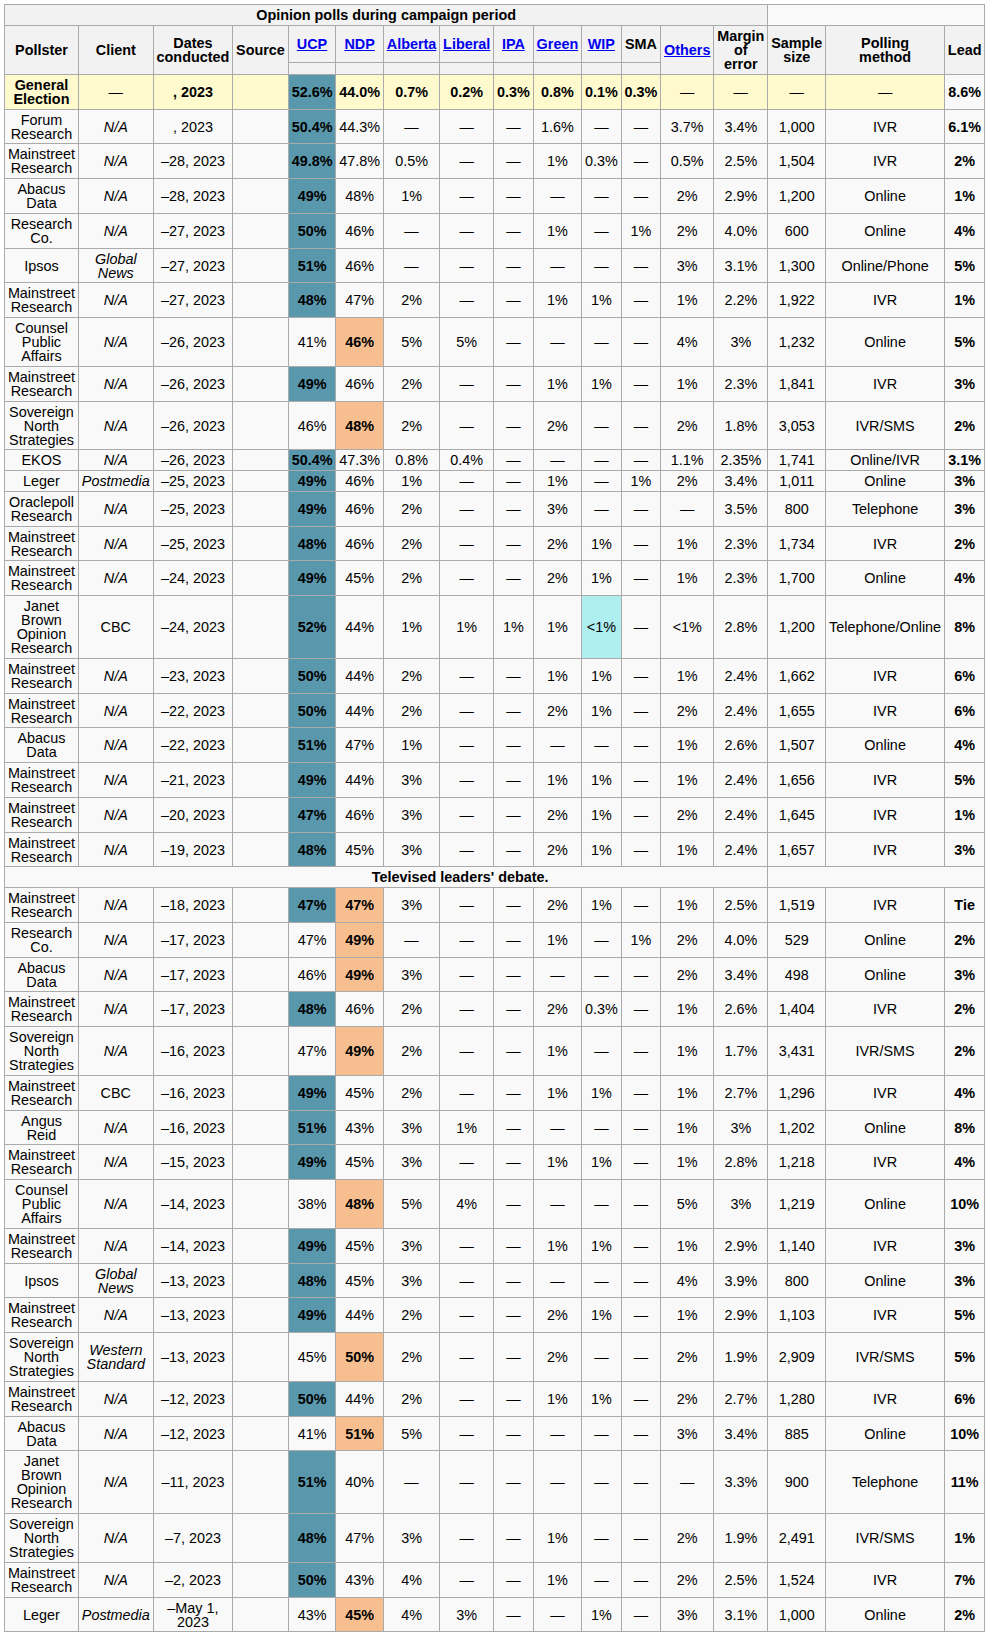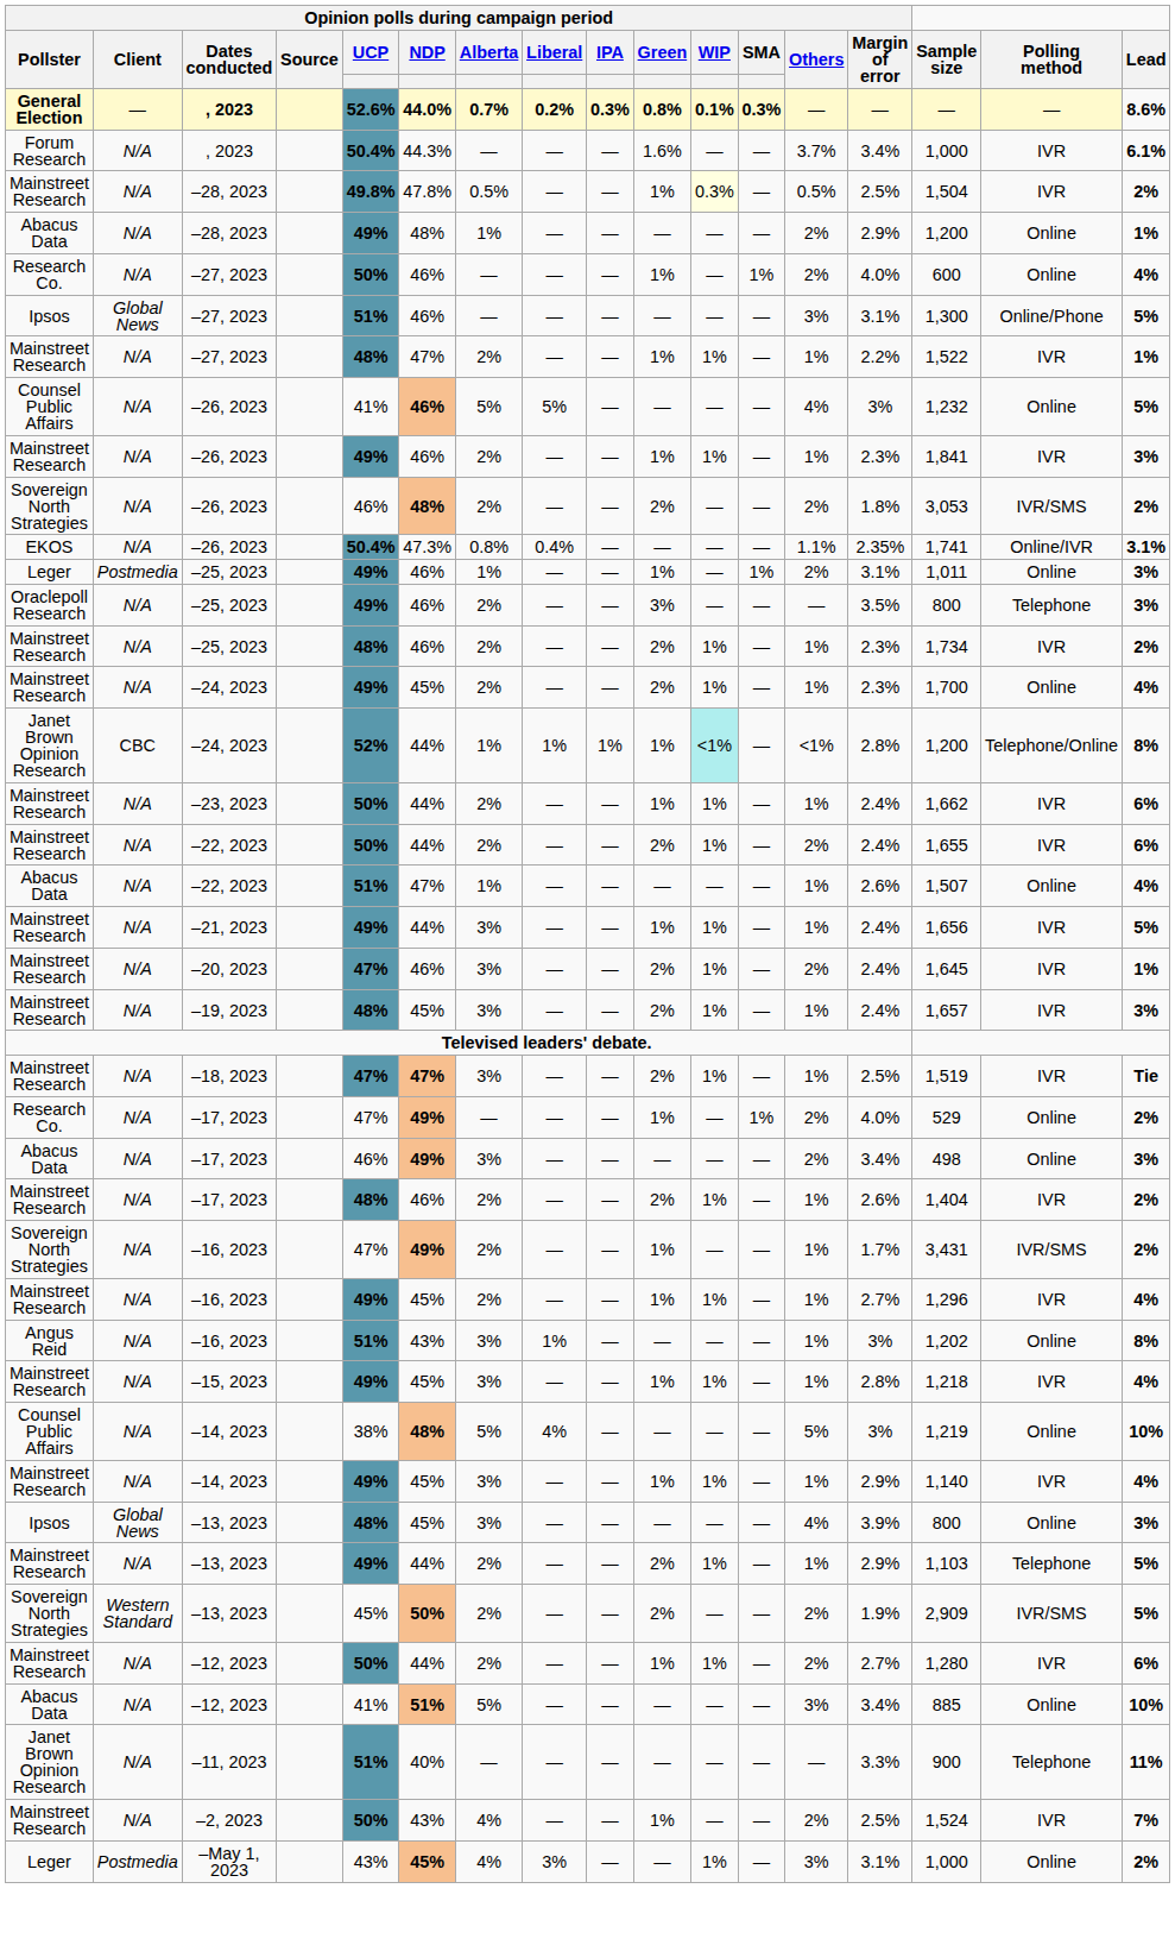 <table class="wikitable mw-datatable mw-collapsible mw-collapsed" style="text-align:center;font-size:90%;line-height:14px">
 <tr>
 <th colspan="14">Opinion polls during campaign period</th>
 </tr>
 <tr>
 <th rowspan="2">Pollster</th>
 <th rowspan="2">Client</th>
 <th rowspan="2">Dates<br>conducted</th>
 <th rowspan="2">Source</th>
 <th style="width:50px;" class="unsortable"><a href='#'>UCP</a></th>
 <th style="width:50px;" class="unsortable"><a href='#'>NDP</a></th>
 <th style="width:50px;" class="unsortable"><a href='#'>Alberta</a></th>
 <th style="width:50px;" class="unsortable"><a href='#'>Liberal</a></th>
 <th style="width:50px;" class="unsortable"><a href='#'>IPA</a></th>
 <th style="width:50px;" class="unsortable"><a href='#'>Green</a></th>
 <th style="width:50px;" class="unsortable"><a href='#'>WIP</a></th>
 <th style="width:50px;" class="unsortable">SMA</th>
 <th rowspan="2" style="width:50px;"><a href='#'>Others</a></th>
 <th rowspan="2">Margin of error</th>
 <th rowspan="2">Sample<br>size</th>
 <th rowspan="2">Polling<br>method</th>
 <th rowspan="2" style="width:20px;">Lead</th>
 </tr>
 <tr>
 <th style="background:"></th>
 <th style="background:"></th>
 <th style="background:"></th>
 <th style="background:"></th>
 <th style="background:"></th>
 <th style="background:"></th>
 <th style="background:"></th>
 <th style="background:"></th>
 </tr>
 <tr>
 <td style="background:#FFFACD"><strong>General Election</strong></td>
 <td style="background:#FFFACD">—</td>
 <td style="background:#FFFACD"><strong>, 2023</strong></td>
 <td style="background:#FFFACD"></td>
 <td style="background:#5998AC;"><strong>52.6%</strong></td>
 <td style="background:#FFFACD"><strong>44.0%</strong></td>
 <td style="background:#FFFACD"><strong>0.7%</strong></td>
 <td style="background:#FFFACD"><strong>0.2%</strong></td>
 <td style="background:#FFFACD"><strong>0.3%</strong></td>
 <td style="background:#FFFACD"><strong>0.8%</strong></td>
 <td style="background:#FFFACD"><strong>0.1%</strong></td>
 <td style="background:#FFFACD"><strong>0.3%</strong></td>
 <td style="background:#FFFACD">—</td>
 <td style="background:#FFFACD">—</td>
 <td style="background:#FFFACD">—</td>
 <td style="background:#FFFACD">—</td>
 <td style="background:"><strong>8.6%</strong></td>
 </tr>
 <tr>
 <td>Forum Research</td>
 <td><em>N/A</em></td>
 <td>, 2023</td>
 <td></td>
 <td style="background:#5998AC;"><strong>50.4%</strong></td>
 <td>44.3%</td>
 <td>—</td>
 <td>—</td>
 <td>—</td>
 <td>1.6%</td>
 <td>—</td>
 <td>—</td>
 <td>3.7%</td>
 <td>3.4%</td>
 <td>1,000</td>
 <td>IVR</td>
 <td style="background:"><strong>6.1%</strong></td>
 </tr>
 <tr>
 <td>Mainstreet Research</td>
 <td><em>N/A</em></td>
 <td>–28, 2023</td>
 <td></td>
 <td style="background:#5998AC;"><strong>49.8%</strong></td>
 <td>47.8%</td>
 <td>0.5%</td>
 <td>—</td>
 <td>—</td>
 <td>1%</td>
-<td>0.3%</td>
+<td style="background: lightyellow;">0.3%</td>
 <td>—</td>
 <td>0.5%</td>
 <td>2.5%</td>
 <td>1,504</td>
 <td>IVR</td>
 <td style="background:"><strong>2%</strong></td>
 </tr>
 <tr>
 <td>Abacus Data</td>
 <td><em>N/A</em></td>
 <td>–28, 2023</td>
 <td></td>
 <td style="background:#5998AC;"><strong>49%</strong></td>
 <td>48%</td>
 <td>1%</td>
 <td>—</td>
 <td>—</td>
 <td>—</td>
 <td>—</td>
 <td>—</td>
 <td>2%</td>
 <td>2.9%</td>
 <td>1,200</td>
 <td>Online</td>
 <td style="background:"><strong>1%</strong></td>
 </tr>
 <tr>
 <td>Research Co.</td>
 <td><em>N/A</em></td>
 <td>–27, 2023</td>
 <td></td>
 <td style="background:#5998AC;"><strong>50%</strong></td>
 <td>46%</td>
 <td>—</td>
 <td>—</td>
 <td>—</td>
 <td>1%</td>
 <td>—</td>
 <td>1%</td>
 <td>2%</td>
 <td>4.0%</td>
 <td>600</td>
 <td>Online</td>
 <td style="background:"><strong>4%</strong></td>
 </tr>
 <tr>
 <td>Ipsos</td>
 <td><em>Global News</em></td>
 <td>–27, 2023</td>
 <td></td>
 <td style="background:#5998AC;"><strong>51%</strong></td>
 <td>46%</td>
 <td>—</td>
 <td>—</td>
 <td>—</td>
 <td>—</td>
 <td>—</td>
 <td>—</td>
 <td>3%</td>
 <td>3.1%</td>
 <td>1,300</td>
 <td>Online/Phone</td>
 <td style="background:"><strong>5%</strong></td>
 </tr>
 <tr>
 <td>Mainstreet Research</td>
 <td><em>N/A</em></td>
 <td>–27, 2023</td>
 <td></td>
 <td style="background:#5998AC;"><strong>48%</strong></td>
 <td>47%</td>
 <td>2%</td>
 <td>—</td>
 <td>—</td>
 <td>1%</td>
 <td>1%</td>
 <td>—</td>
 <td>1%</td>
 <td>2.2%</td>
-<td>1,922</td>
+<td>1,522</td>
 <td>IVR</td>
 <td style="background:"><strong>1%</strong></td>
 </tr>
 <tr>
 <td>Counsel Public Affairs</td>
 <td><em>N/A</em></td>
 <td>–26, 2023</td>
 <td></td>
 <td>41%</td>
 <td style="text-align:center;background:#f7bf8f"><strong>46%</strong></td>
 <td>5%</td>
 <td>5%</td>
 <td>—</td>
 <td>—</td>
 <td>—</td>
 <td>—</td>
 <td>4%</td>
 <td>3%</td>
 <td>1,232</td>
 <td>Online</td>
 <td style="background:"><strong>5%</strong></td>
 </tr>
 <tr>
 <td>Mainstreet Research</td>
 <td><em>N/A</em></td>
 <td>–26, 2023</td>
 <td></td>
 <td style="background:#5998AC;"><strong>49%</strong></td>
 <td>46%</td>
 <td>2%</td>
 <td>—</td>
 <td>—</td>
 <td>1%</td>
 <td>1%</td>
 <td>—</td>
 <td>1%</td>
 <td>2.3%</td>
 <td>1,841</td>
 <td>IVR</td>
 <td style="background:"><strong>3%</strong></td>
 </tr>
 <tr>
 <td>Sovereign North Strategies</td>
 <td><em>N/A</em></td>
 <td>–26, 2023</td>
 <td></td>
 <td>46%</td>
 <td style="text-align:center;background:#f7bf8f"><strong>48%</strong></td>
 <td>2%</td>
 <td>—</td>
 <td>—</td>
 <td>2%</td>
 <td>—</td>
 <td>—</td>
 <td>2%</td>
 <td>1.8%</td>
 <td>3,053</td>
 <td>IVR/SMS</td>
 <td style="background:"><strong>2%</strong></td>
 </tr>
 <tr>
 <td>EKOS</td>
 <td><em>N/A</em></td>
 <td>–26, 2023</td>
 <td></td>
 <td style="background:#5998AC;"><strong>50.4%</strong></td>
 <td>47.3%</td>
 <td>0.8%</td>
 <td>0.4%</td>
 <td>—</td>
 <td>—</td>
 <td>—</td>
 <td>—</td>
 <td>1.1%</td>
 <td>2.35%</td>
 <td>1,741</td>
 <td>Online/IVR</td>
 <td style="background:"><strong>3.1%</strong></td>
 </tr>
 <tr>
 <td>Leger</td>
 <td><em>Postmedia</em></td>
 <td>–25, 2023</td>
 <td></td>
 <td style="background:#5998AC;"><strong>49%</strong></td>
 <td>46%</td>
 <td>1%</td>
 <td>—</td>
 <td>—</td>
 <td>1%</td>
 <td>—</td>
 <td>1%</td>
 <td>2%</td>
-<td>3.4%</td>
+<td>3.1%</td>
 <td>1,011</td>
 <td>Online</td>
 <td style="background:"><strong>3%</strong></td>
 </tr>
 <tr>
 <td>Oraclepoll Research</td>
 <td><em>N/A</em></td>
 <td>–25, 2023</td>
 <td></td>
 <td style="background:#5998AC;"><strong>49%</strong></td>
 <td>46%</td>
 <td>2%</td>
 <td>—</td>
 <td>—</td>
 <td>3%</td>
 <td>—</td>
 <td>—</td>
 <td>—</td>
 <td>3.5%</td>
 <td>800</td>
 <td>Telephone</td>
 <td style="background:"><strong>3%</strong></td>
 </tr>
 <tr>
 <td>Mainstreet Research</td>
 <td><em>N/A</em></td>
 <td>–25, 2023</td>
 <td></td>
 <td style="background:#5998AC;"><strong>48%</strong></td>
 <td>46%</td>
 <td>2%</td>
 <td>—</td>
 <td>—</td>
 <td>2%</td>
 <td>1%</td>
 <td>—</td>
 <td>1%</td>
 <td>2.3%</td>
 <td>1,734</td>
 <td>IVR</td>
 <td style="background:"><strong>2%</strong></td>
 </tr>
 <tr>
 <td>Mainstreet Research</td>
 <td><em>N/A</em></td>
 <td>–24, 2023</td>
 <td></td>
 <td style="background:#5998AC;"><strong>49%</strong></td>
 <td>45%</td>
 <td>2%</td>
 <td>—</td>
 <td>—</td>
 <td>2%</td>
 <td>1%</td>
 <td>—</td>
 <td>1%</td>
 <td>2.3%</td>
 <td>1,700</td>
 <td>Online</td>
 <td style="background:"><strong>4%</strong></td>
 </tr>
 <tr>
 <td>Janet Brown Opinion Research</td>
 <td>CBC</td>
 <td>–24, 2023</td>
 <td></td>
 <td style="background:#5998AC;"><strong>52%</strong></td>
 <td>44%</td>
 <td>1%</td>
 <td>1%</td>
 <td>1%</td>
 <td>1%</td>
 <td style="background: paleturquoise;"><1%</td>
 <td>—</td>
 <td><1%</td>
 <td>2.8%</td>
 <td>1,200</td>
 <td>Telephone/Online</td>
 <td style="background:"><strong>8%</strong></td>
 </tr>
 <tr>
 <td>Mainstreet Research</td>
 <td><em>N/A</em></td>
 <td>–23, 2023</td>
 <td></td>
 <td style="background:#5998AC;"><strong>50%</strong></td>
 <td>44%</td>
 <td>2%</td>
 <td>—</td>
 <td>—</td>
 <td>1%</td>
 <td>1%</td>
 <td>—</td>
 <td>1%</td>
 <td>2.4%</td>
 <td>1,662</td>
 <td>IVR</td>
 <td style="background:"><strong>6%</strong></td>
 </tr>
 <tr>
 <td>Mainstreet Research</td>
 <td><em>N/A</em></td>
 <td>–22, 2023</td>
 <td></td>
 <td style="background:#5998AC;"><strong>50%</strong></td>
 <td>44%</td>
 <td>2%</td>
 <td>—</td>
 <td>—</td>
 <td>2%</td>
 <td>1%</td>
 <td>—</td>
 <td>2%</td>
 <td>2.4%</td>
 <td>1,655</td>
 <td>IVR</td>
 <td style="background:"><strong>6%</strong></td>
 </tr>
 <tr>
 <td>Abacus Data</td>
 <td><em>N/A</em></td>
 <td>–22, 2023</td>
 <td></td>
 <td style="background:#5998AC;"><strong>51%</strong></td>
 <td>47%</td>
 <td>1%</td>
 <td>—</td>
 <td>—</td>
 <td>—</td>
 <td>—</td>
 <td>—</td>
 <td>1%</td>
 <td>2.6%</td>
 <td>1,507</td>
 <td>Online</td>
 <td style="background:"><strong>4%</strong></td>
 </tr>
 <tr>
 <td>Mainstreet Research</td>
 <td><em>N/A</em></td>
 <td>–21, 2023</td>
 <td></td>
 <td style="background:#5998AC;"><strong>49%</strong></td>
 <td>44%</td>
 <td>3%</td>
 <td>—</td>
 <td>—</td>
 <td>1%</td>
 <td>1%</td>
 <td>—</td>
 <td>1%</td>
 <td>2.4%</td>
 <td>1,656</td>
 <td>IVR</td>
 <td style="background:"><strong>5%</strong></td>
 </tr>
 <tr>
 <td>Mainstreet Research</td>
 <td><em>N/A</em></td>
 <td>–20, 2023</td>
 <td></td>
 <td style="background:#5998AC;"><strong>47%</strong></td>
 <td>46%</td>
 <td>3%</td>
 <td>—</td>
 <td>—</td>
 <td>2%</td>
 <td>1%</td>
 <td>—</td>
 <td>2%</td>
 <td>2.4%</td>
 <td>1,645</td>
 <td>IVR</td>
 <td style="background:"><strong>1%</strong></td>
 </tr>
 <tr>
 <td>Mainstreet Research</td>
 <td><em>N/A</em></td>
 <td>–19, 2023</td>
 <td></td>
 <td style="background:#5998AC;"><strong>48%</strong></td>
 <td>45%</td>
 <td>3%</td>
 <td>—</td>
 <td>—</td>
 <td>2%</td>
 <td>1%</td>
 <td>—</td>
 <td>1%</td>
 <td>2.4%</td>
 <td>1,657</td>
 <td>IVR</td>
 <td style="background:"><strong>3%</strong></td>
 </tr>
 <tr>
 <td style="border-right-style:hidden;"></td>
 <td style="border-right-style:hidden;"><strong></strong></td>
 <td colspan="12"><strong>Televised leaders' debate.</strong></td>
 </tr>
 <tr>
 <td>Mainstreet Research</td>
 <td><em>N/A</em></td>
 <td>–18, 2023</td>
 <td></td>
 <td style="background:#5998AC;"><strong>47%</strong></td>
 <td style="text-align:center;background:#f7bf8f"><strong>47%</strong></td>
 <td>3%</td>
 <td>—</td>
 <td>—</td>
 <td>2%</td>
 <td>1%</td>
 <td>—</td>
 <td>1%</td>
 <td>2.5%</td>
 <td>1,519</td>
 <td>IVR</td>
 <td><strong>Tie</strong></td>
 </tr>
 <tr>
 <td>Research Co.</td>
 <td><em>N/A</em></td>
 <td>–17, 2023</td>
 <td></td>
 <td>47%</td>
 <td style="text-align:center;background:#f7bf8f"><strong>49%</strong></td>
 <td>—</td>
 <td>—</td>
 <td>—</td>
 <td>1%</td>
 <td>—</td>
 <td>1%</td>
 <td>2%</td>
 <td>4.0%</td>
 <td>529</td>
 <td>Online</td>
 <td style="background:"><strong>2%</strong></td>
 </tr>
 <tr>
 <td>Abacus Data</td>
 <td><em>N/A</em></td>
 <td>–17, 2023</td>
 <td></td>
 <td>46%</td>
 <td style="text-align:center;background:#f7bf8f"><strong>49%</strong></td>
 <td>3%</td>
 <td>—</td>
 <td>—</td>
 <td>—</td>
 <td>—</td>
 <td>—</td>
 <td>2%</td>
 <td>3.4%</td>
 <td>498</td>
 <td>Online</td>
 <td style="background:"><strong>3%</strong></td>
 </tr>
 <tr>
 <td>Mainstreet Research</td>
 <td><em>N/A</em></td>
 <td>–17, 2023</td>
 <td></td>
 <td style="background:#5998AC;"><strong>48%</strong></td>
 <td>46%</td>
 <td>2%</td>
 <td>—</td>
 <td>—</td>
 <td>2%</td>
-<td>0.3%</td>
+<td>1%</td>
 <td>—</td>
 <td>1%</td>
 <td>2.6%</td>
 <td>1,404</td>
 <td>IVR</td>
 <td style="background:"><strong>2%</strong></td>
 </tr>
 <tr>
 <td>Sovereign North Strategies</td>
 <td><em>N/A</em></td>
 <td>–16, 2023</td>
 <td></td>
 <td>47%</td>
 <td style="text-align:center;background:#f7bf8f"><strong>49%</strong></td>
 <td>2%</td>
 <td>—</td>
 <td>—</td>
 <td>1%</td>
 <td>—</td>
 <td>—</td>
 <td>1%</td>
 <td>1.7%</td>
 <td>3,431</td>
 <td>IVR/SMS</td>
 <td style="background:"><strong>2%</strong></td>
 </tr>
 <tr>
 <td>Mainstreet Research</td>
-<td>CBC</td>
+<td><em>N/A</em></td>
 <td>–16, 2023</td>
 <td></td>
 <td style="background:#5998AC;"><strong>49%</strong></td>
 <td>45%</td>
 <td>2%</td>
 <td>—</td>
 <td>—</td>
 <td>1%</td>
 <td>1%</td>
 <td>—</td>
 <td>1%</td>
 <td>2.7%</td>
 <td>1,296</td>
 <td>IVR</td>
 <td style="background:"><strong>4%</strong></td>
 </tr>
 <tr>
 <td>Angus Reid</td>
 <td><em>N/A</em></td>
 <td>–16, 2023</td>
 <td></td>
 <td style="background:#5998AC;"><strong>51%</strong></td>
 <td>43%</td>
 <td>3%</td>
 <td>1%</td>
 <td>—</td>
 <td>—</td>
 <td>—</td>
 <td>—</td>
 <td>1%</td>
 <td>3%</td>
 <td>1,202</td>
 <td>Online</td>
 <td style="background:"><strong>8%</strong></td>
 </tr>
 <tr>
 <td>Mainstreet Research</td>
 <td><em>N/A</em></td>
 <td>–15, 2023</td>
 <td></td>
 <td style="background:#5998AC;"><strong>49%</strong></td>
 <td>45%</td>
 <td>3%</td>
 <td>—</td>
 <td>—</td>
 <td>1%</td>
 <td>1%</td>
 <td>—</td>
 <td>1%</td>
 <td>2.8%</td>
 <td>1,218</td>
 <td>IVR</td>
 <td style="background:"><strong>4%</strong></td>
 </tr>
 <tr>
 <td>Counsel Public Affairs</td>
 <td><em>N/A</em></td>
 <td>–14, 2023</td>
 <td></td>
 <td>38%</td>
 <td style="text-align:center;background:#f7bf8f"><strong>48%</strong></td>
 <td>5%</td>
 <td>4%</td>
 <td>—</td>
 <td>—</td>
 <td>—</td>
 <td>—</td>
 <td>5%</td>
 <td>3%</td>
 <td>1,219</td>
 <td>Online</td>
 <td style="background:"><strong>10%</strong></td>
 </tr>
 <tr>
 <td>Mainstreet Research</td>
 <td><em>N/A</em></td>
 <td>–14, 2023</td>
 <td></td>
 <td style="background:#5998AC;"><strong>49%</strong></td>
 <td>45%</td>
 <td>3%</td>
 <td>—</td>
 <td>—</td>
 <td>1%</td>
 <td>1%</td>
 <td>—</td>
 <td>1%</td>
 <td>2.9%</td>
 <td>1,140</td>
 <td>IVR</td>
-<td style="background:"><strong>3%</strong></td>
+<td style="background:"><strong>4%</strong></td>
 </tr>
 <tr>
 <td>Ipsos</td>
 <td><em>Global News</em></td>
 <td>–13, 2023</td>
 <td></td>
 <td style="background:#5998AC;"><strong>48%</strong></td>
 <td>45%</td>
 <td>3%</td>
 <td>—</td>
 <td>—</td>
 <td>—</td>
 <td>—</td>
 <td>—</td>
 <td>4%</td>
 <td>3.9%</td>
 <td>800</td>
 <td>Online</td>
 <td style="background:"><strong>3%</strong></td>
 </tr>
 <tr>
 <td>Mainstreet Research</td>
 <td><em>N/A</em></td>
 <td>–13, 2023</td>
 <td></td>
 <td style="background:#5998AC;"><strong>49%</strong></td>
 <td>44%</td>
 <td>2%</td>
 <td>—</td>
 <td>—</td>
 <td>2%</td>
 <td>1%</td>
 <td>—</td>
 <td>1%</td>
 <td>2.9%</td>
 <td>1,103</td>
-<td>IVR</td>
+<td>Telephone</td>
 <td style="background:"><strong>5%</strong></td>
 </tr>
 <tr>
 <td>Sovereign North Strategies</td>
 <td><em>Western Standard</em></td>
 <td>–13, 2023</td>
 <td></td>
 <td>45%</td>
 <td style="text-align:center;background:#f7bf8f"><strong>50%</strong></td>
 <td>2%</td>
 <td>—</td>
 <td>—</td>
 <td>2%</td>
 <td>—</td>
 <td>—</td>
 <td>2%</td>
 <td>1.9%</td>
 <td>2,909</td>
 <td>IVR/SMS</td>
 <td style="background:"><strong>5%</strong></td>
 </tr>
 <tr>
 <td>Mainstreet Research</td>
 <td><em>N/A</em></td>
 <td>–12, 2023</td>
 <td></td>
 <td style="background:#5998AC;"><strong>50%</strong></td>
 <td>44%</td>
 <td>2%</td>
 <td>—</td>
 <td>—</td>
 <td>1%</td>
 <td>1%</td>
 <td>—</td>
 <td>2%</td>
 <td>2.7%</td>
 <td>1,280</td>
 <td>IVR</td>
 <td style="background:"><strong>6%</strong></td>
 </tr>
 <tr>
 <td>Abacus Data</td>
 <td><em>N/A</em></td>
 <td>–12, 2023</td>
 <td></td>
 <td>41%</td>
 <td style="text-align:center;background:#f7bf8f"><strong>51%</strong></td>
 <td>5%</td>
 <td>—</td>
 <td>—</td>
 <td>—</td>
 <td>—</td>
 <td>—</td>
 <td>3%</td>
 <td>3.4%</td>
 <td>885</td>
 <td>Online</td>
 <td style="background:"><strong>10%</strong></td>
 </tr>
 <tr>
 <td>Janet Brown Opinion Research</td>
 <td><em>N/A</em></td>
 <td>–11, 2023</td>
 <td></td>
 <td style="background:#5998AC;"><strong>51%</strong></td>
 <td>40%</td>
 <td>—</td>
 <td>—</td>
 <td>—</td>
 <td>—</td>
 <td>—</td>
 <td>—</td>
 <td>—</td>
 <td>3.3%</td>
 <td>900</td>
 <td>Telephone</td>
 <td style="background:"><strong>11%</strong></td>
 </tr>
 <tr>
-<td>Sovereign North Strategies</td>
-<td><em>N/A</em></td>
-<td>–7, 2023</td>
-<td></td>
-<td style="background:#5998AC;"><strong>48%</strong></td>
-<td>47%</td>
-<td>3%</td>
-<td>—</td>
-<td>—</td>
-<td>1%</td>
-<td>—</td>
-<td>—</td>
-<td>2%</td>
-<td>1.9%</td>
-<td>2,491</td>
-<td>IVR/SMS</td>
-<td style="background:"><strong>1%</strong></td>
-</tr>
-<tr>
 <td>Mainstreet Research</td>
 <td><em>N/A</em></td>
 <td>–2, 2023</td>
 <td></td>
 <td style="background:#5998AC;"><strong>50%</strong></td>
 <td>43%</td>
 <td>4%</td>
 <td>—</td>
 <td>—</td>
 <td>1%</td>
 <td>—</td>
 <td>—</td>
 <td>2%</td>
 <td>2.5%</td>
 <td>1,524</td>
 <td>IVR</td>
 <td style="background:"><strong>7%</strong></td>
 </tr>
 <tr>
 <td>Leger</td>
 <td><em>Postmedia</em></td>
 <td>–May 1, 2023</td>
 <td></td>
 <td>43%</td>
 <td style="text-align:center;background:#f7bf8f"><strong>45%</strong></td>
 <td>4%</td>
 <td>3%</td>
 <td>—</td>
 <td>—</td>
 <td>1%</td>
 <td>—</td>
 <td>3%</td>
 <td>3.1%</td>
 <td>1,000</td>
 <td>Online</td>
 <td style="background:"><strong>2%</strong></td>
 </tr>
 </table>
